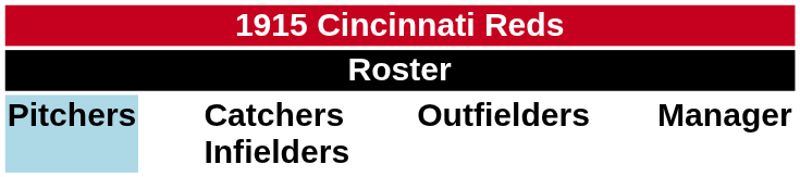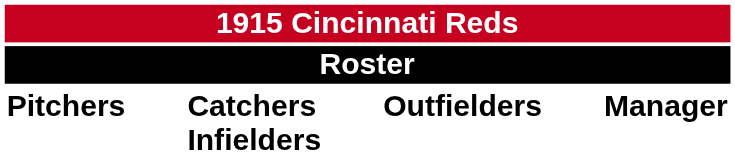 <table class="toccolours">
 <tr>
 <th colspan="10" style="background-color: #c6011f; color: white; text-align: center;">1915 Cincinnati Reds</th>
 </tr>
 <tr>
 <td colspan="10" style="background-color: black; color: white; text-align: center;"><strong>Roster</strong></td>
 </tr>
 <tr>
-<td valign="top" style="background: lightblue;"><strong>Pitchers</strong><br>            </td>
+<td valign="top"><strong>Pitchers</strong><br>            </td>
 <td width="25px"></td>
 <td valign="top"><strong>Catchers</strong><br>   <strong>Infielders</strong>       </td>
 <td width="25px"></td>
 <td valign="top"><strong>Outfielders</strong><br>     </td>
 <td width="25px"></td>
 <td valign="top"><strong>Manager</strong><br></td>
 </tr>
 </table>
